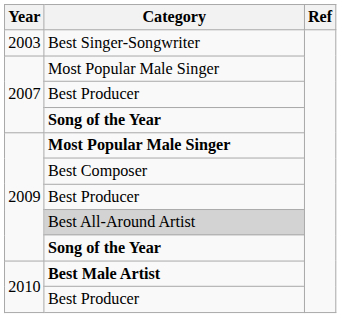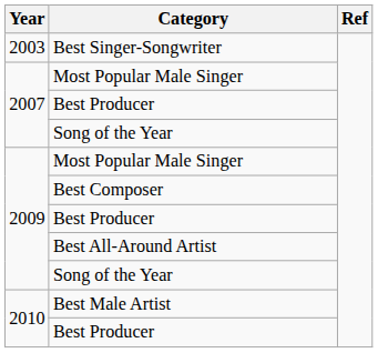 <table class="wikitable">
 <tr>
 <th>Year</th>
 <th width="250">Category</th>
 <th>Ref</th>
 </tr>
 <tr>
 <td>2003</td>
 <td>Best Singer-Songwriter</td>
 <td rowspan="11" align="center"></td>
 </tr>
 <tr>
 <td rowspan="3">2007</td>
 <td>Most Popular Male Singer</td>
 </tr>
 <tr>
 <td>Best Producer</td>
 </tr>
 <tr>
-<td><strong>Song of the Year</strong></td>
+<td>Song of the Year</td>
 </tr>
 <tr>
 <td rowspan="5">2009</td>
-<td><strong>Most Popular Male Singer</strong></td>
+<td>Most Popular Male Singer</td>
 </tr>
 <tr>
 <td>Best Composer</td>
 </tr>
 <tr>
 <td>Best Producer</td>
 </tr>
 <tr>
-<td style="background: lightgrey;">Best All-Around Artist</td>
+<td>Best All-Around Artist</td>
 </tr>
 <tr>
-<td><strong>Song of the Year</strong></td>
+<td>Song of the Year</td>
 </tr>
 <tr>
 <td rowspan="2">2010</td>
-<td><strong>Best Male Artist</strong></td>
+<td>Best Male Artist</td>
 </tr>
 <tr>
 <td>Best Producer</td>
 </tr>
 </table>
